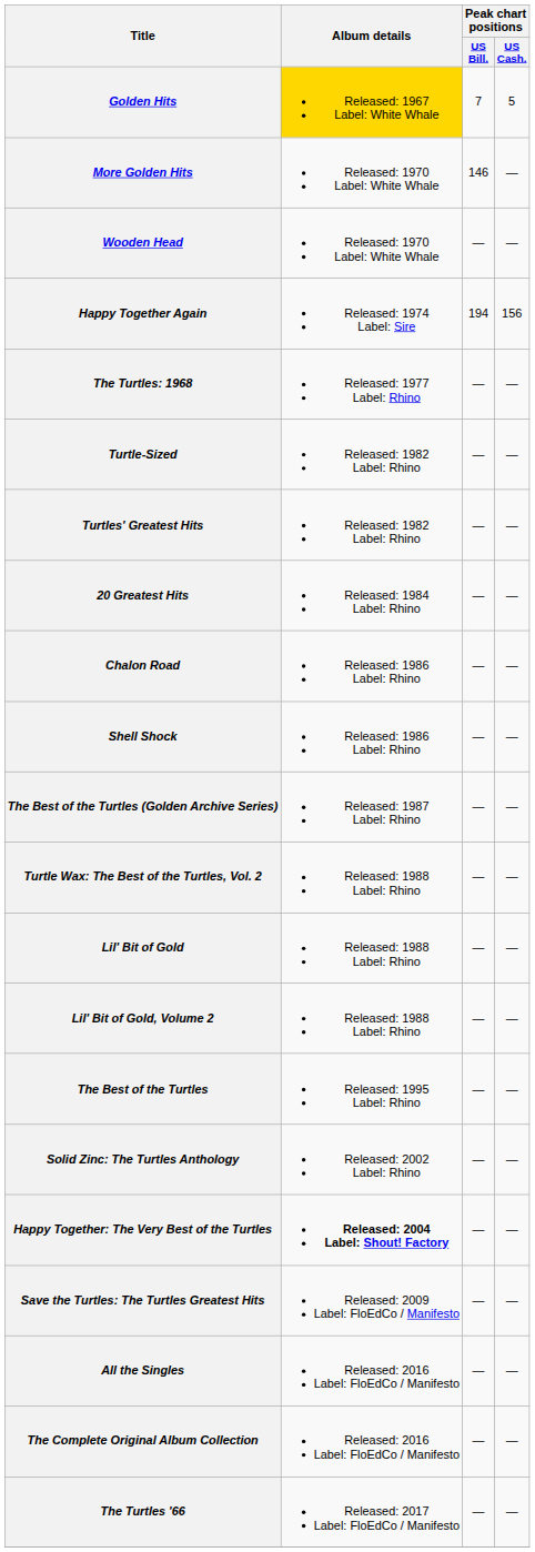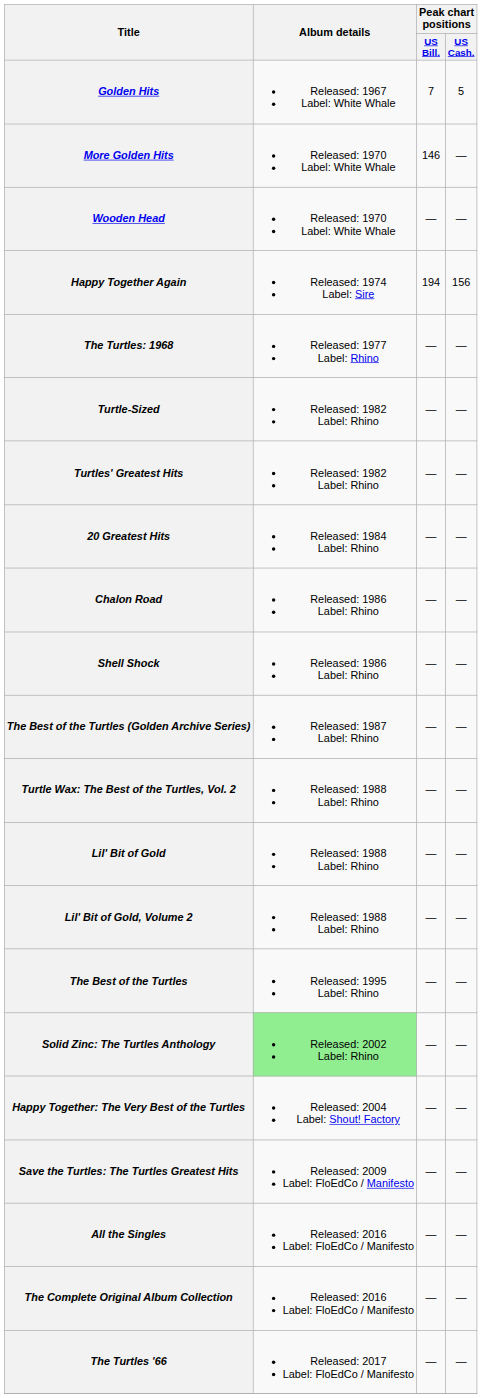 <table class="wikitable plainrowheaders" style="text-align:center;">
 <tr>
 <th scope="col" rowspan="2">Title</th>
 <th scope="col" rowspan="2">Album details</th>
 <th scope="col" colspan="2">Peak chart positions</th>
 </tr>
 <tr>
 <th scope="col" style="width:2.5em;font-size:90%;"><a href='#'>US<br>Bill.</a><br></th>
 <th scope="col" style="width:2.5em;font-size:90%;"><a href='#'>US<br>Cash.</a></th>
 </tr>
 <tr>
 <th scope="row"><em><a href='#'>Golden Hits</a></em></th>
-<td style="background: gold;"><br><ul><li>Released: 1967</li><li>Label: White Whale</li></ul></td>
+<td><br><ul><li>Released: 1967</li><li>Label: White Whale</li></ul></td>
 <td>7</td>
 <td>5</td>
 </tr>
 <tr>
 <th scope="row"><em><a href='#'>More Golden Hits</a></em></th>
 <td><br><ul><li>Released: 1970</li><li>Label: White Whale</li></ul></td>
 <td>146</td>
 <td>—</td>
 </tr>
 <tr>
 <th scope="row"><em><a href='#'>Wooden Head</a></em></th>
 <td><br><ul><li>Released: 1970</li><li>Label: White Whale</li></ul></td>
 <td>—</td>
 <td>—</td>
 </tr>
 <tr>
 <th scope="row"><em>Happy Together Again</em></th>
 <td><br><ul><li>Released: 1974</li><li>Label: <a href='#'>Sire</a></li></ul></td>
 <td>194</td>
 <td>156</td>
 </tr>
 <tr>
 <th scope="row"><em>The Turtles: 1968</em></th>
 <td><br><ul><li>Released: 1977</li><li>Label: <a href='#'>Rhino</a></li></ul></td>
 <td>—</td>
 <td>—</td>
 </tr>
 <tr>
 <th scope="row"><em>Turtle-Sized</em></th>
 <td><br><ul><li>Released: 1982</li><li>Label: Rhino</li></ul></td>
 <td>—</td>
 <td>—</td>
 </tr>
 <tr>
 <th scope="row"><em>Turtles' Greatest Hits</em></th>
 <td><br><ul><li>Released: 1982</li><li>Label: Rhino</li></ul></td>
 <td>—</td>
 <td>—</td>
 </tr>
 <tr>
 <th scope="row"><em>20 Greatest Hits</em></th>
 <td><br><ul><li>Released: 1984</li><li>Label: Rhino</li></ul></td>
 <td>—</td>
 <td>—</td>
 </tr>
 <tr>
 <th scope="row"><em>Chalon Road</em></th>
 <td><br><ul><li>Released: 1986</li><li>Label: Rhino</li></ul></td>
 <td>—</td>
 <td>—</td>
 </tr>
 <tr>
 <th scope="row"><em>Shell Shock</em></th>
 <td><br><ul><li>Released: 1986</li><li>Label: Rhino</li></ul></td>
 <td>—</td>
 <td>—</td>
 </tr>
 <tr>
 <th scope="row"><em>The Best of the Turtles (Golden Archive Series)</em></th>
 <td><br><ul><li>Released: 1987</li><li>Label: Rhino</li></ul></td>
 <td>—</td>
 <td>—</td>
 </tr>
 <tr>
 <th scope="row"><em>Turtle Wax: The Best of the Turtles, Vol. 2</em></th>
 <td><br><ul><li>Released: 1988</li><li>Label: Rhino</li></ul></td>
 <td>—</td>
 <td>—</td>
 </tr>
 <tr>
 <th scope="row"><em>Lil' Bit of Gold</em></th>
 <td><br><ul><li>Released: 1988</li><li>Label: Rhino</li></ul></td>
 <td>—</td>
 <td>—</td>
 </tr>
 <tr>
 <th scope="row"><em>Lil' Bit of Gold, Volume 2</em></th>
 <td><br><ul><li>Released: 1988</li><li>Label: Rhino</li></ul></td>
 <td>—</td>
 <td>—</td>
 </tr>
 <tr>
 <th scope="row"><em>The Best of the Turtles</em></th>
 <td><br><ul><li>Released: 1995</li><li>Label: Rhino</li></ul></td>
 <td>—</td>
 <td>—</td>
 </tr>
 <tr>
 <th scope="row"><em>Solid Zinc: The Turtles Anthology</em></th>
-<td><br><ul><li>Released: 2002</li><li>Label: Rhino</li></ul></td>
+<td style="background: lightgreen;"><br><ul><li>Released: 2002</li><li>Label: Rhino</li></ul></td>
 <td>—</td>
 <td>—</td>
 </tr>
 <tr>
 <th scope="row"><em>Happy Together: The Very Best of the Turtles</em></th>
-<td><strong><br><ul><li>Released: 2004</li><li>Label: <a href='#'>Shout! Factory</a></li></ul></strong></td>
+<td><br><ul><li>Released: 2004</li><li>Label: <a href='#'>Shout! Factory</a></li></ul></td>
 <td>—</td>
 <td>—</td>
 </tr>
 <tr>
 <th scope="row"><em>Save the Turtles: The Turtles Greatest Hits</em></th>
 <td><br><ul><li>Released: 2009</li><li>Label: FloEdCo / <a href='#'>Manifesto</a></li></ul></td>
 <td>—</td>
 <td>—</td>
 </tr>
 <tr>
 <th scope="row"><em>All the Singles</em></th>
 <td><br><ul><li>Released: 2016</li><li>Label: FloEdCo / Manifesto</li></ul></td>
 <td>—</td>
 <td>—</td>
 </tr>
 <tr>
 <th scope="row"><em>The Complete Original Album Collection</em></th>
 <td><br><ul><li>Released: 2016</li><li>Label: FloEdCo / Manifesto</li></ul></td>
 <td>—</td>
 <td>—</td>
 </tr>
 <tr>
 <th scope="row"><em>The Turtles '66</em></th>
 <td><br><ul><li>Released: 2017</li><li>Label: FloEdCo / Manifesto</li></ul></td>
 <td>—</td>
 <td>—</td>
 </tr>
 <tr>
 </tr>
 </table>
